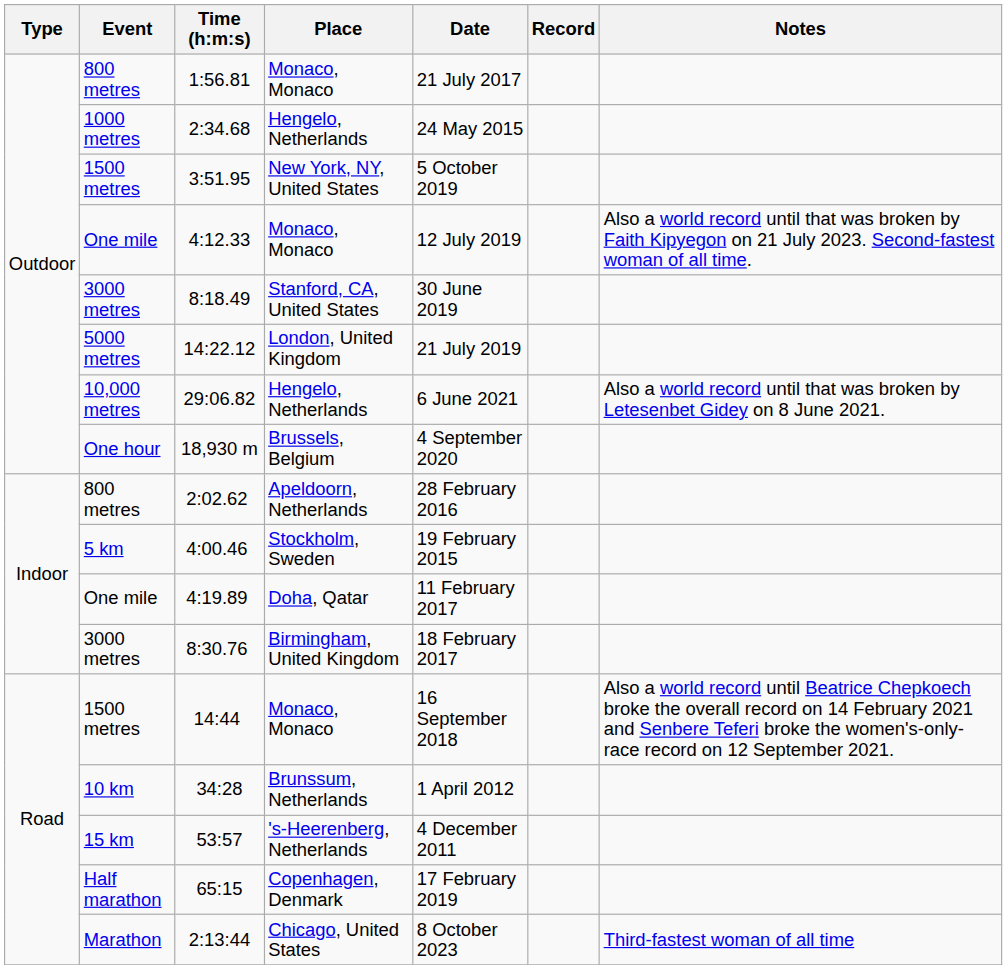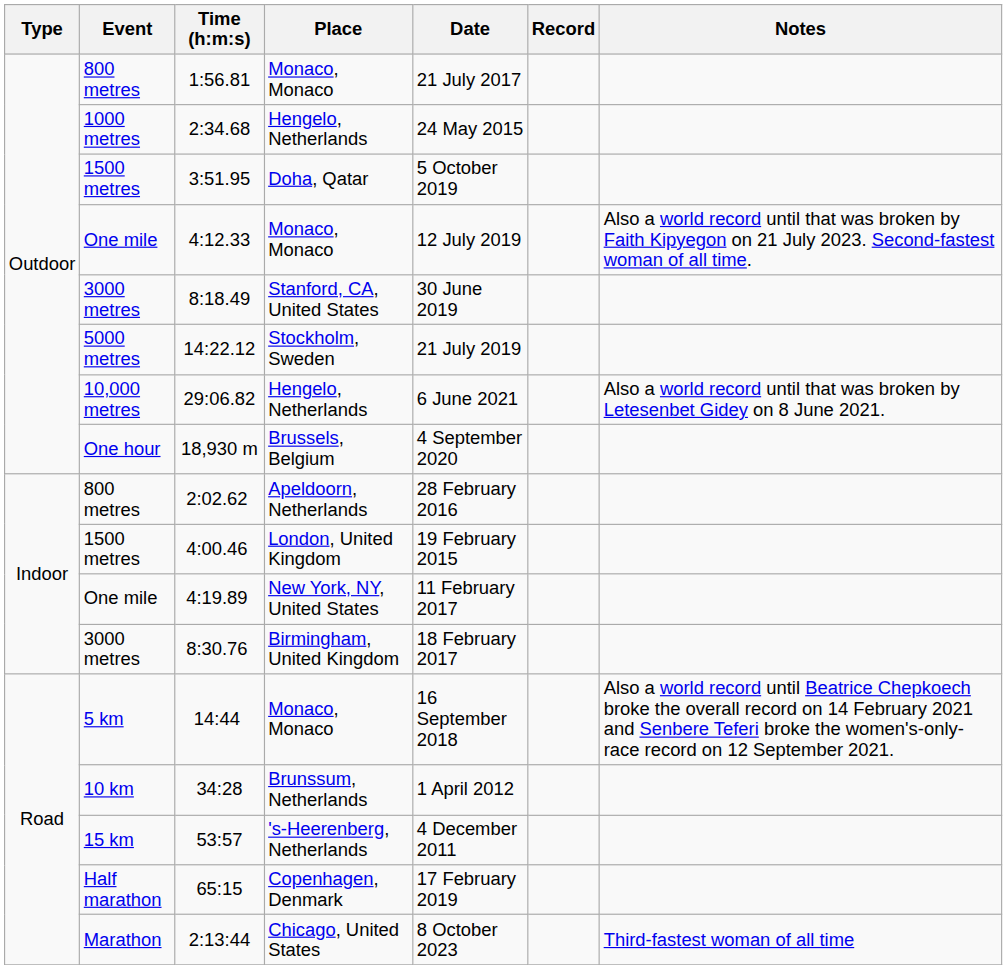 <table class="wikitable">
 <tr>
 <th scope="col">Type</th>
 <th scope="col">Event</th>
 <th scope="col">Time (h:m:s)</th>
 <th scope="col">Place</th>
 <th scope="col">Date</th>
 <th scope="col">Record</th>
 <th scope="col">Notes</th>
 </tr>
 <tr>
 <td rowspan=8 style="text-align:center;">Outdoor</td>
 <td><a href='#'>800 metres</a></td>
 <td align=center>1:56.81</td>
 <td><a href='#'>Monaco</a>, Monaco</td>
 <td>21 July 2017</td>
 <td></td>
 <td></td>
 </tr>
 <tr>
 <td><a href='#'>1000 metres</a></td>
 <td align=center>2:34.68</td>
 <td><a href='#'>Hengelo</a>, Netherlands</td>
 <td>24 May 2015</td>
 <td style="text-align:center;"></td>
 <td></td>
 </tr>
 <tr>
 <td><a href='#'>1500 metres</a></td>
 <td align=center>3:51.95</td>
-<td><a href='#'>New York, NY</a>, United States</td>
+<td><a href='#'>Doha</a>, Qatar</td>
 <td>5 October 2019</td>
 <td style="text-align:center;"></td>
 <td></td>
 </tr>
 <tr>
 <td><a href='#'>One mile</a></td>
 <td align=center>4:12.33</td>
 <td><a href='#'>Monaco</a>, Monaco</td>
 <td>12 July 2019</td>
 <td style="text-align:center;"></td>
 <td>Also a <a href='#'>world record</a> until that was broken by <a href='#'>Faith Kipyegon</a> on 21 July 2023. <a href='#'>Second-fastest woman of all time</a>.</td>
 </tr>
 <tr>
 <td><a href='#'>3000 metres</a></td>
 <td align=center>8:18.49</td>
 <td><a href='#'>Stanford, CA</a>, United States</td>
 <td>30 June 2019</td>
 <td style="text-align:center;"></td>
 <td></td>
 </tr>
 <tr>
 <td><a href='#'>5000 metres</a></td>
 <td align=center>14:22.12</td>
-<td><a href='#'>London</a>, United Kingdom</td>
+<td><a href='#'>Stockholm</a>, Sweden</td>
 <td>21 July 2019</td>
 <td style="text-align:center;"></td>
 <td></td>
 </tr>
 <tr>
 <td><a href='#'>10,000 metres</a></td>
 <td align=center>29:06.82</td>
 <td><a href='#'>Hengelo</a>, Netherlands</td>
 <td>6 June 2021</td>
 <td style="text-align:center;"></td>
 <td>Also a <a href='#'>world record</a> until that was broken by <a href='#'>Letesenbet Gidey</a> on 8 June 2021.</td>
 </tr>
 <tr>
 <td><a href='#'>One hour</a></td>
 <td align=center>18,930 m</td>
 <td><a href='#'>Brussels</a>, Belgium</td>
 <td>4 September 2020</td>
 <td style="text-align:center;"></td>
 <td></td>
 </tr>
 <tr>
 <td rowspan=4 style="text-align:center;">Indoor</td>
 <td>800 metres</td>
 <td align=center>2:02.62 </td>
 <td><a href='#'>Apeldoorn</a>, Netherlands</td>
 <td>28 February 2016</td>
 <td></td>
 <td></td>
 </tr>
 <tr>
-<td><a href='#'>5 km</a></td>
+<td>1500 metres</td>
 <td align=center>4:00.46 </td>
-<td><a href='#'>Stockholm</a>, Sweden</td>
+<td><a href='#'>London</a>, United Kingdom</td>
 <td>19 February 2015</td>
 <td style="text-align:center;"></td>
 <td></td>
 </tr>
 <tr>
 <td>One mile</td>
 <td align=center>4:19.89 </td>
-<td><a href='#'>Doha</a>, Qatar</td>
+<td><a href='#'>New York, NY</a>, United States</td>
 <td>11 February 2017</td>
 <td style="text-align:center;"></td>
 <td></td>
 </tr>
 <tr>
 <td>3000 metres</td>
 <td align=center>8:30.76 </td>
 <td><a href='#'>Birmingham</a>, United Kingdom</td>
 <td>18 February 2017</td>
 <td style="text-align:center;"></td>
 <td></td>
 </tr>
 <tr>
 <td rowspan=5 style="text-align:center;">Road</td>
-<td>1500 metres</td>
+<td><a href='#'>5 km</a></td>
 <td align=center>14:44 </td>
 <td><a href='#'>Monaco</a>, Monaco</td>
 <td>16 September 2018</td>
 <td style="text-align:center;"></td>
 <td>Also a <a href='#'>world record</a> until <a href='#'>Beatrice Chepkoech</a> broke the overall record on 14 February 2021 and <a href='#'>Senbere Teferi</a> broke the women's-only-race record on 12 September 2021.</td>
 </tr>
 <tr>
 <td><a href='#'>10 km</a></td>
 <td align=center>34:28</td>
 <td><a href='#'>Brunssum</a>, Netherlands</td>
 <td>1 April 2012</td>
 <td></td>
 <td></td>
 </tr>
 <tr>
 <td><a href='#'>15 km</a></td>
 <td align=center>53:57</td>
 <td><a href='#'>'s-Heerenberg</a>, Netherlands</td>
 <td>4 December 2011</td>
 <td></td>
 <td></td>
 </tr>
 <tr>
 <td><a href='#'>Half marathon</a></td>
 <td align=center>65:15</td>
 <td><a href='#'>Copenhagen</a>, Denmark</td>
 <td>17 February 2019</td>
 <td style="text-align:center;"></td>
 <td></td>
 </tr>
 <tr>
 <td><a href='#'>Marathon</a></td>
 <td style="text-align:center;">2:13:44</td>
 <td><a href='#'>Chicago</a>, United States</td>
 <td>8 October 2023</td>
 <td style="text-align:center;"></td>
 <td><a href='#'>Third-fastest woman of all time</a></td>
 </tr>
 </table>
